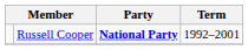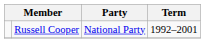 <table class="wikitable">
 <tr>
 <th colspan="2">Member</th>
 <th>Party</th>
 <th>Term</th>
 </tr>
 <tr>
 <td> </td>
 <td><a href='#'>Russell Cooper</a></td>
-<td><strong><a href='#'>National Party</a></strong></td>
+<td><a href='#'>National Party</a></td>
 <td>1992–2001</td>
 </tr>
 <tr>
 </tr>
 </table>
